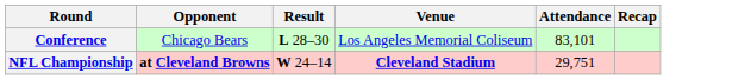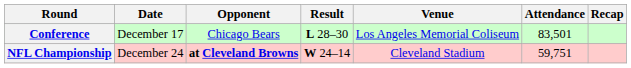 <table class="wikitable" style="text-align:center">
 <tr>
 <th>Round</th>
+<th>Date</th>
 <th>Opponent</th>
 <th>Result</th>
 <th>Venue</th>
 <th>Attendance</th>
 <th>Recap</th>
 </tr>
 <tr style="background:#cfc">
 <th><a href='#'>Conference</a></th>
+<td>December 17</td>
 <td><a href='#'>Chicago Bears</a></td>
 <td><strong>L</strong> 28–30</td>
 <td><a href='#'>Los Angeles Memorial Coliseum</a></td>
-<td>83,101</td>
+<td>83,501</td>
 <td></td>
 </tr>
 <tr style="background:#fcc">
 <th><a href='#'>NFL Championship</a></th>
+<td>December 24</td>
 <td><strong>at <a href='#'>Cleveland Browns</a></strong></td>
 <td><strong>W</strong> 24–14</td>
-<td><strong><a href='#'>Cleveland Stadium</a></strong></td>
-<td>29,751</td>
+<td><a href='#'>Cleveland Stadium</a></td>
+<td>59,751</td>
 <td></td>
 </tr>
 </table>
